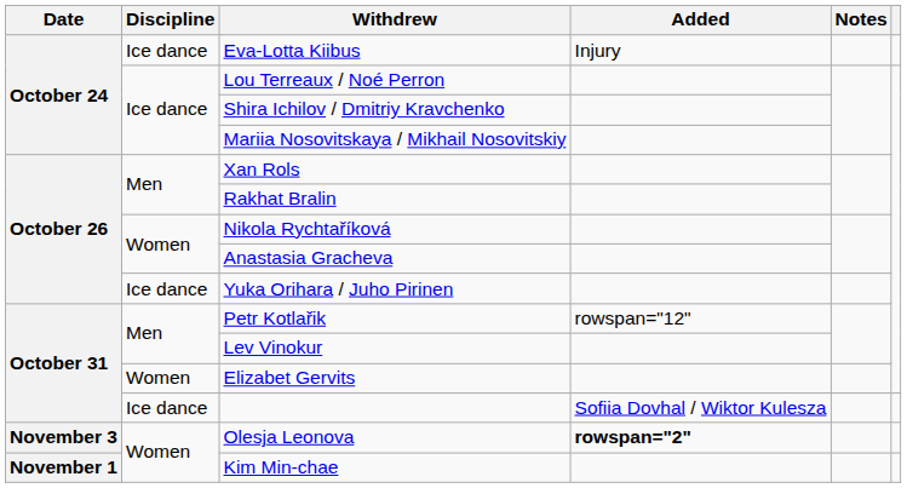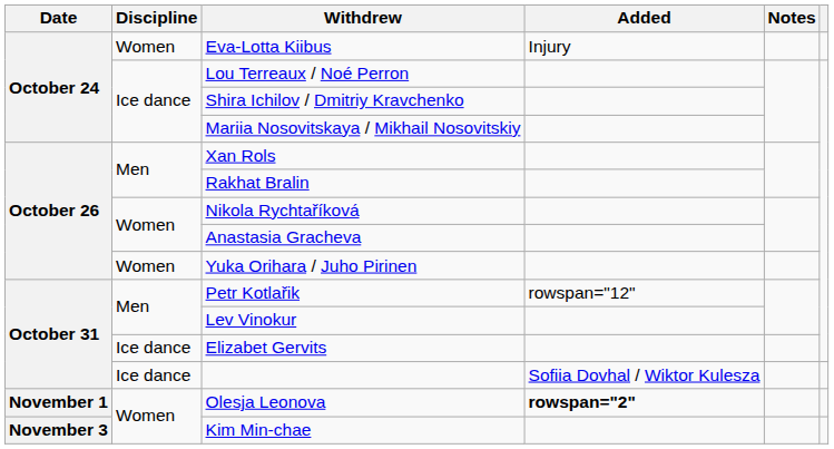 <table class="wikitable unsortable">
 <tr>
 <th scope="col">Date</th>
 <th scope="col">Discipline</th>
 <th scope="col">Withdrew</th>
 <th scope="col">Added</th>
 <th scope="col">Notes</th>
 <th scope="col"></th>
 </tr>
 <tr>
 <th scope="row" style="text-align:left" rowspan=4>October 24</th>
-<td>Ice dance</td>
+<td>Women</td>
 <td> <a href='#'>Eva-Lotta Kiibus</a></td>
 <td>Injury</td>
 <td></td>
 <td></td>
 </tr>
 <tr>
 <td rowspan=3>Ice dance</td>
 <td> <a href='#'>Lou Terreaux</a> / <a href='#'>Noé Perron</a></td>
 <td></td>
 <td rowspan=3></td>
 </tr>
 <tr>
 <td> <a href='#'>Shira Ichilov</a> / <a href='#'>Dmitriy Kravchenko</a></td>
 <td></td>
 </tr>
 <tr>
 <td> <a href='#'>Mariia Nosovitskaya</a> / <a href='#'>Mikhail Nosovitskiy</a></td>
 <td></td>
 </tr>
 <tr>
 <th scope="row" style="text-align:left" rowspan=5>October 26</th>
 <td rowspan=2>Men</td>
 <td> <a href='#'>Xan Rols</a></td>
 <td></td>
 <td rowspan=2></td>
 </tr>
 <tr>
 <td> <a href='#'>Rakhat Bralin</a></td>
 <td></td>
 </tr>
 <tr>
 <td rowspan=2>Women</td>
 <td> <a href='#'>Nikola Rychtaříková</a></td>
 <td></td>
 <td rowspan=2></td>
 </tr>
 <tr>
 <td> <a href='#'>Anastasia Gracheva</a></td>
 <td></td>
 </tr>
 <tr>
-<td>Ice dance</td>
+<td>Women</td>
 <td> <a href='#'>Yuka Orihara</a> / <a href='#'>Juho Pirinen</a></td>
 <td></td>
 <td></td>
 </tr>
 <tr>
 <th scope="row" style="text-align:left" rowspan=4>October 31</th>
 <td rowspan=2>Men</td>
 <td> <a href='#'>Petr Kotlařik</a></td>
 <td>rowspan="12" </td>
 <td rowspan=2></td>
 </tr>
 <tr>
 <td> <a href='#'>Lev Vinokur</a></td>
 <td></td>
 </tr>
 <tr>
-<td>Women</td>
+<td>Ice dance</td>
 <td> <a href='#'>Elizabet Gervits</a></td>
 <td></td>
 <td></td>
 </tr>
 <tr>
 <td>Ice dance</td>
 <td></td>
 <td> <a href='#'>Sofiia Dovhal</a> / <a href='#'>Wiktor Kulesza</a></td>
 <td></td>
 <td></td>
 </tr>
 <tr>
-<th scope="row" style="text-align:left">November 3</th>
+<th scope="row" style="text-align:left">November 1</th>
 <td rowspan="2">Women</td>
 <td> <a href='#'>Olesja Leonova</a></td>
 <td><strong>rowspan="2" </strong></td>
 <td></td>
 <td></td>
 </tr>
 <tr>
-<th scope="row" style="text-align:left">November 1</th>
+<th scope="row" style="text-align:left">November 3</th>
 <td> <a href='#'>Kim Min-chae</a></td>
 <td></td>
 <td></td>
 </tr>
 </table>
